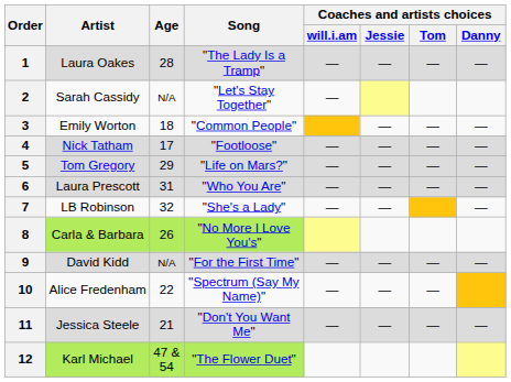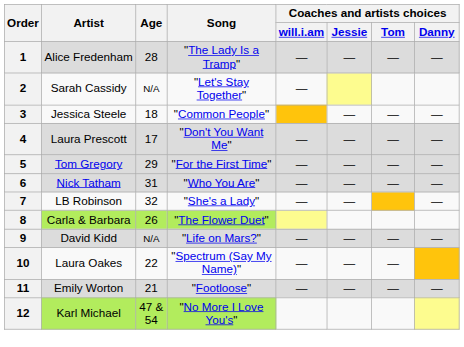 <table class="wikitable" style="text-align:center; width:100%;">
 <tr>
 <th scope="col" rowspan="2" style="width:05%;">Order</th>
 <th scope="col" rowspan="2" style="width:22%;">Artist</th>
 <th scope="col" rowspan="2" style="width:07%;">Age</th>
 <th scope="col" rowspan="2" style="width:26%;">Song</th>
 <th colspan="4" style="width:40%;">Coaches and artists choices</th>
 </tr>
 <tr>
 <th style="width:10%;"><a href='#'>will.i.am</a></th>
 <th style="width:10%;"><a href='#'>Jessie</a></th>
 <th style="width:10%;"><a href='#'>Tom</a></th>
 <th style="width:10%;"><a href='#'>Danny</a></th>
 </tr>
 <tr style="background:#DCDCDC">
 <th scope="col">1</th>
-<td>Laura Oakes</td>
+<td>Alice Fredenham</td>
 <td>28</td>
 <td style="background:#DCDCDC; text-align:center;">"<a href='#'>The Lady Is a Tramp</a>"</td>
 <td>—</td>
 <td>—</td>
 <td>—</td>
 <td>—</td>
 </tr>
 <tr>
 <th scope="col">2</th>
 <td>Sarah Cassidy</td>
 <td><small>N/A</small></td>
 <td>"<a href='#'>Let's Stay Together</a>"</td>
 <td>—</td>
 <td style="background:#fdfc8f; text-align:center;"><strong></strong></td>
 <td><strong></strong></td>
 <td><strong></strong></td>
 </tr>
 <tr>
 <th scope="col">3</th>
-<td>Emily Worton</td>
+<td>Jessica Steele</td>
 <td>18</td>
 <td>"<a href='#'>Common People</a>"</td>
 <td style="background:#FFC40C; text-align:center;"><strong></strong></td>
 <td>—</td>
 <td>—</td>
 <td>—</td>
 </tr>
 <tr style="background:#DCDCDC">
 <th scope="col">4</th>
-<td><a href='#'>Nick Tatham</a></td>
+<td>Laura Prescott</td>
 <td>17</td>
-<td style="background:#DCDCDC; text-align:center;">"<a href='#'>Footloose</a>"</td>
+<td style="background:#DCDCDC; text-align:center;">"<a href='#'>Don't You Want Me</a>"</td>
 <td>—</td>
 <td>—</td>
 <td>—</td>
 <td>—</td>
 </tr>
 <tr style="background:#DCDCDC">
 <th scope="col">5</th>
 <td><a href='#'>Tom Gregory</a></td>
 <td>29</td>
-<td style="background:#DCDCDC; text-align:center;">"<a href='#'>Life on Mars?</a>"</td>
+<td style="background:#DCDCDC; text-align:center;">"<a href='#'>For the First Time</a>"</td>
 <td>—</td>
 <td>—</td>
 <td>—</td>
 <td>—</td>
 </tr>
 <tr style="background:#DCDCDC">
 <th scope="col">6</th>
-<td>Laura Prescott</td>
+<td><a href='#'>Nick Tatham</a></td>
 <td>31</td>
 <td style="background:#DCDCDC; text-align:center;">"<a href='#'>Who You Are</a>"</td>
 <td>—</td>
 <td>—</td>
 <td>—</td>
 <td>—</td>
 </tr>
 <tr>
 <th scope="col">7</th>
 <td>LB Robinson</td>
 <td>32</td>
 <td>"<a href='#'>She's a Lady</a>"</td>
 <td>—</td>
 <td>—</td>
 <td style="background:#FFC40C; text-align:center;"><strong></strong></td>
 <td>—</td>
 </tr>
 <tr>
 <th scope="col">8</th>
 <td style="background-color:#B2EC5D;">Carla & Barbara</td>
 <td style="background-color:#B2EC5D;">26</td>
-<td style="background-color:#B2EC5D;">"<a href='#'>No More I Love You's</a>"</td>
+<td style="background-color:#B2EC5D;">"<a href='#'>The Flower Duet</a>"</td>
 <td style="background:#fdfc8f; text-align:center;"><strong></strong></td>
 <td><strong></strong></td>
 <td><strong></strong></td>
 <td><strong></strong></td>
 </tr>
 <tr style="background:#DCDCDC">
 <th scope="col">9</th>
 <td>David Kidd</td>
 <td><small>N/A</small></td>
-<td style="background:#DCDCDC; text-align:center;">"<a href='#'>For the First Time</a>"</td>
+<td style="background:#DCDCDC; text-align:center;">"<a href='#'>Life on Mars?</a>"</td>
 <td>—</td>
 <td>—</td>
 <td>—</td>
 <td>—</td>
 </tr>
 <tr>
 <th scope="col">10</th>
-<td>Alice Fredenham</td>
+<td>Laura Oakes</td>
 <td>22</td>
 <td>"<a href='#'>Spectrum (Say My Name)</a>"</td>
 <td>—</td>
 <td>—</td>
 <td>—</td>
 <td style="background:#FFC40C; text-align:center;"><strong></strong></td>
 </tr>
 <tr style="background:#DCDCDC">
 <th scope="col">11</th>
-<td>Jessica Steele</td>
+<td>Emily Worton</td>
 <td>21</td>
-<td style="background:#DCDCDC; text-align:center;">"<a href='#'>Don't You Want Me</a>"</td>
+<td style="background:#DCDCDC; text-align:center;">"<a href='#'>Footloose</a>"</td>
 <td>—</td>
 <td>—</td>
 <td>—</td>
 <td>—</td>
 </tr>
 <tr>
 <th scope="col">12</th>
 <td style="background-color:#B2EC5D;">Karl Michael</td>
 <td style="background-color:#B2EC5D;">47 & 54</td>
-<td style="background-color:#B2EC5D;">"<a href='#'>The Flower Duet</a>"</td>
+<td style="background-color:#B2EC5D;">"<a href='#'>No More I Love You's</a>"</td>
 <td><strong></strong></td>
 <td><strong></strong></td>
 <td><strong></strong></td>
 <td style="background:#fdfc8f; text-align:center;"><strong></strong></td>
 </tr>
 </table>
